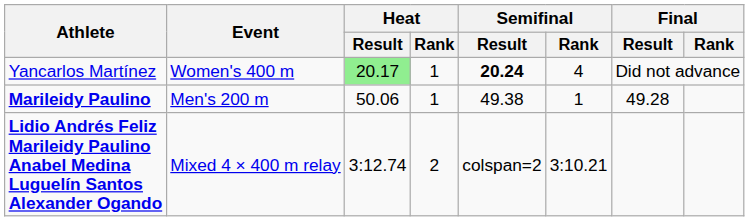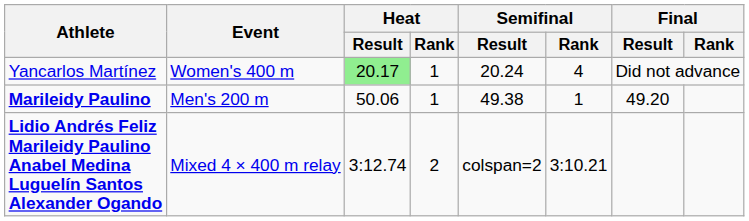 <table class="wikitable" style="font-size:90%">
 <tr>
 <th rowspan="2">Athlete</th>
 <th rowspan="2">Event</th>
 <th colspan="2">Heat</th>
 <th colspan="2">Semifinal</th>
 <th colspan="2">Final</th>
 </tr>
 <tr style="font-size:95%">
 <th>Result</th>
 <th>Rank</th>
 <th>Result</th>
 <th>Rank</th>
 <th>Result</th>
 <th>Rank</th>
 </tr>
 <tr align=center>
 <td align=left><a href='#'>Yancarlos Martínez</a></td>
 <td align=left><a href='#'>Women's 400 m</a></td>
 <td style="background: lightgreen;">20.17 <strong></strong></td>
 <td>1 <strong></strong></td>
-<td><strong>20.24</strong></td>
+<td>20.24</td>
 <td>4</td>
 <td colspan=2>Did not advance</td>
 </tr>
 <tr align=center>
 <td align=left><strong><a href='#'>Marileidy Paulino</a></strong></td>
 <td align=left><a href='#'>Men's 200 m</a></td>
 <td>50.06</td>
 <td>1 <strong></strong></td>
 <td>49.38 <strong></strong></td>
 <td>1 <strong></strong></td>
-<td>49.28 <strong></strong></td>
+<td>49.20 <strong></strong></td>
 <td></td>
 </tr>
 <tr align=center>
 <td align=left><strong><a href='#'>Lidio Andrés Feliz</a> <br><a href='#'>Marileidy Paulino</a><br><a href='#'>Anabel Medina</a><br><a href='#'>Luguelín Santos</a><br><a href='#'>Alexander Ogando</a></strong></td>
 <td align=left><a href='#'>Mixed 4 × 400 m relay</a></td>
 <td>3:12.74 <strong></strong></td>
 <td>2 <strong></strong></td>
 <td>colspan=2 </td>
 <td>3:10.21 <strong></strong></td>
 <td></td>
 </tr>
 </table>
